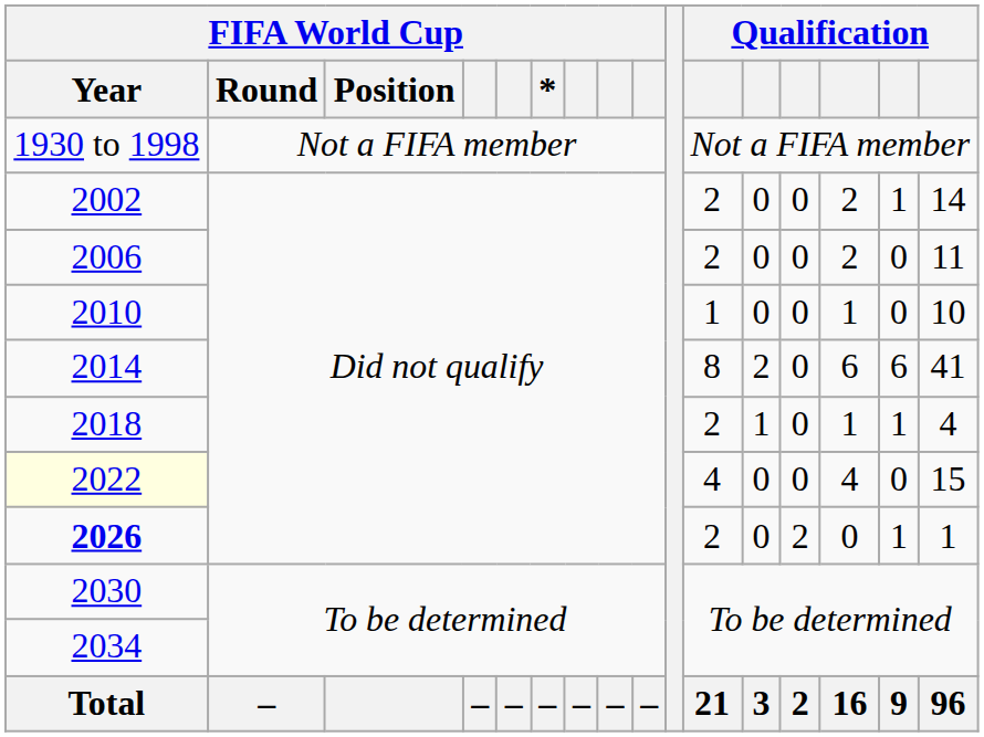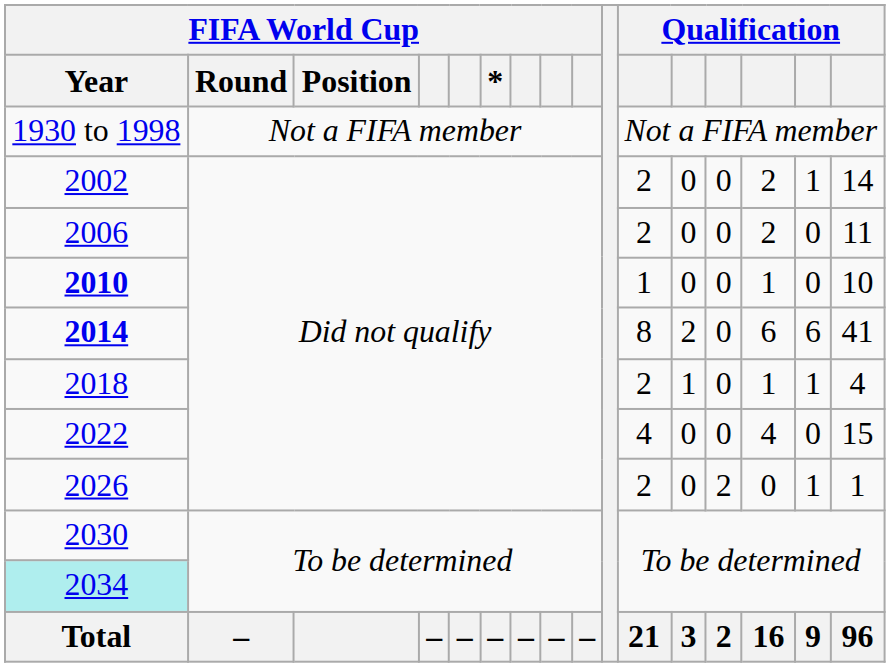 <table class="wikitable" style="text-align: center;">
 <tr>
 <th colspan=9><a href='#'>FIFA World Cup</a></th>
 <th rowspan="13"></th>
 <th colspan=6><a href='#'>Qualification</a></th>
 </tr>
 <tr>
 <th>Year</th>
 <th>Round</th>
 <th>Position</th>
 <th></th>
 <th></th>
 <th>*</th>
 <th></th>
 <th></th>
 <th></th>
 <th></th>
 <th></th>
 <th></th>
 <th></th>
 <th></th>
 <th></th>
 </tr>
 <tr>
 <td><a href='#'>1930</a> to <a href='#'>1998</a></td>
 <td colspan="8"><em>Not a FIFA member</em></td>
 <td colspan="6"><em>Not a FIFA member</em></td>
 </tr>
 <tr>
 <td>  <a href='#'>2002</a></td>
 <td colspan="8" rowspan="7"><em>Did not qualify</em></td>
 <td>2</td>
 <td>0</td>
 <td>0</td>
 <td>2</td>
 <td>1</td>
 <td>14</td>
 </tr>
 <tr>
 <td> <a href='#'>2006</a></td>
 <td>2</td>
 <td>0</td>
 <td>0</td>
 <td>2</td>
 <td>0</td>
 <td>11</td>
 </tr>
 <tr>
-<td> <a href='#'>2010</a></td>
+<td><strong> <a href='#'>2010</a></strong></td>
 <td>1</td>
 <td>0</td>
 <td>0</td>
 <td>1</td>
 <td>0</td>
 <td>10</td>
 </tr>
 <tr>
-<td> <a href='#'>2014</a></td>
+<td><strong> <a href='#'>2014</a></strong></td>
 <td>8</td>
 <td>2</td>
 <td>0</td>
 <td>6</td>
 <td>6</td>
 <td>41</td>
 </tr>
 <tr>
 <td> <a href='#'>2018</a></td>
 <td>2</td>
 <td>1</td>
 <td>0</td>
 <td>1</td>
 <td>1</td>
 <td>4</td>
 </tr>
 <tr>
-<td style="background: lightyellow;"> <a href='#'>2022</a></td>
+<td> <a href='#'>2022</a></td>
 <td>4</td>
 <td>0</td>
 <td>0</td>
 <td>4</td>
 <td>0</td>
 <td>15</td>
 </tr>
 <tr>
-<td><strong>   <a href='#'>2026</a></strong></td>
+<td>   <a href='#'>2026</a></td>
 <td>2</td>
 <td>0</td>
 <td>2</td>
 <td>0</td>
 <td>1</td>
 <td>1</td>
 </tr>
 <tr>
 <td>   <a href='#'>2030</a></td>
 <td colspan=9 rowspan=2><em>To be determined</em></td>
 <td colspan=7 rowspan=2><em>To be determined</em></td>
 </tr>
 <tr>
-<td> <a href='#'>2034</a></td>
+<td style="background: paleturquoise;"> <a href='#'>2034</a></td>
 </tr>
 <tr>
 <th>Total</th>
 <th>–</th>
 <th></th>
 <th>–</th>
 <th>–</th>
 <th>–</th>
 <th>–</th>
 <th>–</th>
 <th>–</th>
 <th>21</th>
 <th>3</th>
 <th>2</th>
 <th>16</th>
 <th>9</th>
 <th>96</th>
 </tr>
 </table>
